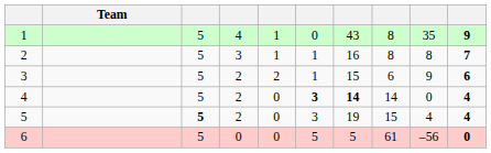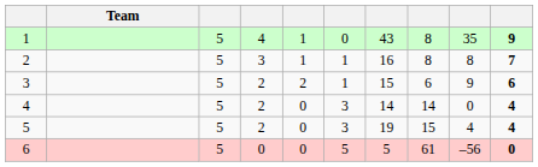 <table class="wikitable" style="text-align:center;">
 <tr>
 <th width=40></th>
 <th width=165>Team</th>
 <th width=40></th>
 <th width=40></th>
 <th width=40></th>
 <th width=40></th>
 <th width=40></th>
 <th width=40></th>
 <th width=40></th>
 <th width=40></th>
 </tr>
 <tr bgcolor="#ccffcc">
 <td>1</td>
 <td align=left></td>
 <td>5</td>
 <td>4</td>
 <td>1</td>
 <td>0</td>
 <td>43</td>
 <td>8</td>
 <td>35</td>
 <td><strong>9</strong></td>
 </tr>
 <tr>
 <td>2</td>
 <td align=left></td>
 <td>5</td>
 <td>3</td>
 <td>1</td>
 <td>1</td>
 <td>16</td>
 <td>8</td>
 <td>8</td>
 <td><strong>7</strong></td>
 </tr>
 <tr>
 <td>3</td>
 <td align=left></td>
 <td>5</td>
 <td>2</td>
 <td>2</td>
 <td>1</td>
 <td>15</td>
 <td>6</td>
 <td>9</td>
 <td><strong>6</strong></td>
 </tr>
 <tr>
 <td>4</td>
 <td align=left></td>
 <td>5</td>
 <td>2</td>
 <td>0</td>
-<td><strong>3</strong></td>
-<td><strong>14</strong></td>
+<td>3</td>
+<td>14</td>
 <td>14</td>
 <td>0</td>
 <td><strong>4</strong></td>
 </tr>
 <tr>
 <td>5</td>
 <td align=left></td>
-<td><strong>5</strong></td>
+<td>5</td>
 <td>2</td>
 <td>0</td>
 <td>3</td>
 <td>19</td>
 <td>15</td>
 <td>4</td>
 <td><strong>4</strong></td>
 </tr>
 <tr bgcolor="#ffcccc">
 <td>6</td>
 <td align=left></td>
 <td>5</td>
 <td>0</td>
 <td>0</td>
 <td>5</td>
 <td>5</td>
 <td>61</td>
 <td>–56</td>
 <td><strong>0</strong></td>
 </tr>
 </table>
